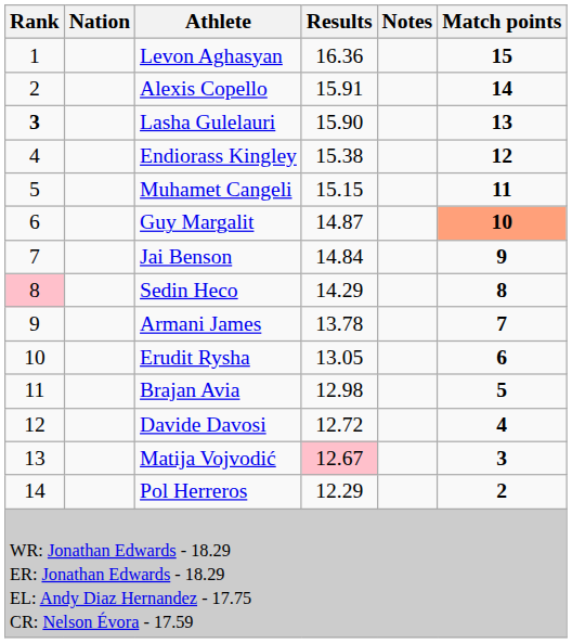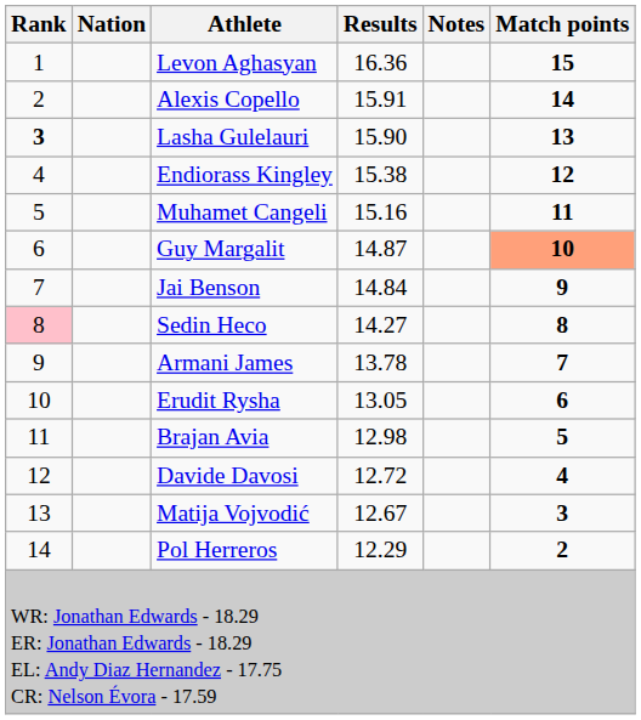 <table class="wikitable sortable" style="text-align:left;">
 <tr>
 <th>Rank</th>
 <th>Nation</th>
 <th>Athlete</th>
 <th>Results</th>
 <th>Notes</th>
 <th>Match points</th>
 </tr>
 <tr>
 <td align=center>1</td>
 <td></td>
 <td><a href='#'>Levon Aghasyan</a></td>
 <td align=center>16.36</td>
 <td align=center></td>
 <td align=center><strong>15</strong></td>
 </tr>
 <tr>
 <td align=center>2</td>
 <td></td>
 <td><a href='#'>Alexis Copello</a></td>
 <td align=center>15.91</td>
 <td></td>
 <td align=center><strong>14</strong></td>
 </tr>
 <tr>
 <td align=center><strong>3</strong></td>
 <td></td>
 <td><a href='#'>Lasha Gulelauri</a></td>
 <td align=center>15.90</td>
 <td align=center></td>
 <td align=center><strong>13</strong></td>
 </tr>
 <tr>
 <td align=center>4</td>
 <td></td>
 <td><a href='#'>Endiorass Kingley</a></td>
 <td align=center>15.38</td>
 <td></td>
 <td align=center><strong>12</strong></td>
 </tr>
 <tr>
 <td align=center>5</td>
 <td></td>
 <td><a href='#'>Muhamet Cangeli</a></td>
-<td align=center>15.15</td>
+<td align=center>15.16</td>
 <td align=center></td>
 <td align=center><strong>11</strong></td>
 </tr>
 <tr>
 <td align=center>6</td>
 <td></td>
 <td><a href='#'>Guy Margalit</a></td>
 <td align=center>14.87</td>
 <td></td>
 <td align=center style="background: lightsalmon;"><strong>10</strong></td>
 </tr>
 <tr>
 <td align=center>7</td>
 <td></td>
 <td><a href='#'>Jai Benson</a></td>
 <td align=center>14.84</td>
 <td align=center></td>
 <td align=center><strong>9</strong></td>
 </tr>
 <tr>
 <td align=center style="background: pink;">8</td>
 <td></td>
 <td><a href='#'>Sedin Heco</a></td>
-<td align=center>14.29</td>
+<td align=center>14.27</td>
 <td align=center></td>
 <td align=center><strong>8</strong></td>
 </tr>
 <tr>
 <td align=center>9</td>
 <td></td>
 <td><a href='#'>Armani James</a></td>
 <td align=center>13.78</td>
 <td></td>
 <td align=center><strong>7</strong></td>
 </tr>
 <tr>
 <td align=center>10</td>
 <td></td>
 <td><a href='#'>Erudit Rysha</a></td>
 <td align=center>13.05</td>
 <td align=center></td>
 <td align=center><strong>6</strong></td>
 </tr>
 <tr>
 <td align=center>11</td>
 <td></td>
 <td><a href='#'>Brajan Avia</a></td>
 <td align=center>12.98</td>
 <td align=center></td>
 <td align=center><strong>5</strong></td>
 </tr>
 <tr>
 <td align=center>12</td>
 <td></td>
 <td><a href='#'>Davide Davosi</a></td>
 <td align=center>12.72</td>
 <td align=center></td>
 <td align=center><strong>4</strong></td>
 </tr>
 <tr>
 <td align=center>13</td>
 <td></td>
 <td><a href='#'>Matija Vojvodić</a></td>
-<td align=center style="background: pink;">12.67</td>
+<td align=center>12.67</td>
 <td align=center></td>
 <td align=center><strong>3</strong></td>
 </tr>
 <tr>
 <td align=center>14</td>
 <td></td>
 <td><a href='#'>Pol Herreros</a></td>
 <td align=center>12.29</td>
 <td align=center></td>
 <td align=center><strong>2</strong></td>
 </tr>
 <tr>
 <td colspan="6" bgcolor="#cccccc"><br> <small>WR:   <a href='#'>Jonathan Edwards</a> - 18.29<br>ER:  <a href='#'>Jonathan Edwards</a> - 18.29<br></small> <small>EL:   <a href='#'>Andy Diaz Hernandez</a> - 17.75<br>CR:  <a href='#'>Nelson Évora</a> - 17.59</small></td>
 </tr>
 </table>
